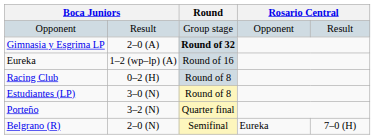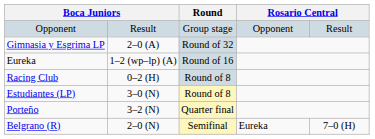 <table class="wikitable" style="text-align:center;">
 <tr>
 <th colspan=3 width=200px><a href='#'>Boca Juniors</a></th>
 <th>Round</th>
 <th colspan=3 width=200px><a href='#'>Rosario Central</a></th>
 </tr>
 <tr bgcolor= #CFDBE2>
 <td width= px>Opponent</td>
 <td colspan=2>Result</td>
 <td>Group stage</td>
 <td width= px>Opponent</td>
 <td colspan=2>Result</td>
 </tr>
 <tr>
 <td align=left><a href='#'>Gimnasia y Esgrima LP</a></td>
 <td colspan=2>2–0 (A)</td>
-<td bgcolor= #CFDBE2><strong>Round of 32</strong></td>
+<td bgcolor= #CFDBE2>Round of 32</td>
 <td colspan=3></td>
 </tr>
 <tr>
 <td align=left>Eureka</td>
 <td colspan=2>1–2 (wp–lp) (A) </td>
 <td bgcolor= #CFDBE2>Round of 16</td>
 <td colspan=3></td>
 </tr>
 <tr>
 <td align=left><a href='#'>Racing Club</a></td>
 <td colspan=2>0–2 (H) </td>
 <td bgcolor= #CFDBE2>Round of 8</td>
 <td colspan=3></td>
 </tr>
 <tr>
 <td align=left><a href='#'>Estudiantes (LP)</a> </td>
 <td colspan=2>3–0 (N) </td>
 <td bgcolor= #fdf6bd>Round of 8 </td>
 <td colspan=3></td>
 </tr>
 <tr>
 <td align=left><a href='#'>Porteño</a></td>
 <td colspan=2>3–2 (N) </td>
 <td bgcolor= #fdf6bd>Quarter final</td>
 <td colspan=3></td>
 </tr>
 <tr>
 <td align=left><a href='#'>Belgrano (R)</a></td>
 <td colspan=2>2–0 (N) </td>
 <td bgcolor= #fdf6bd>Semifinal</td>
 <td align=left>Eureka</td>
 <td colspan=2>7–0 (H)</td>
 </tr>
 </table>
